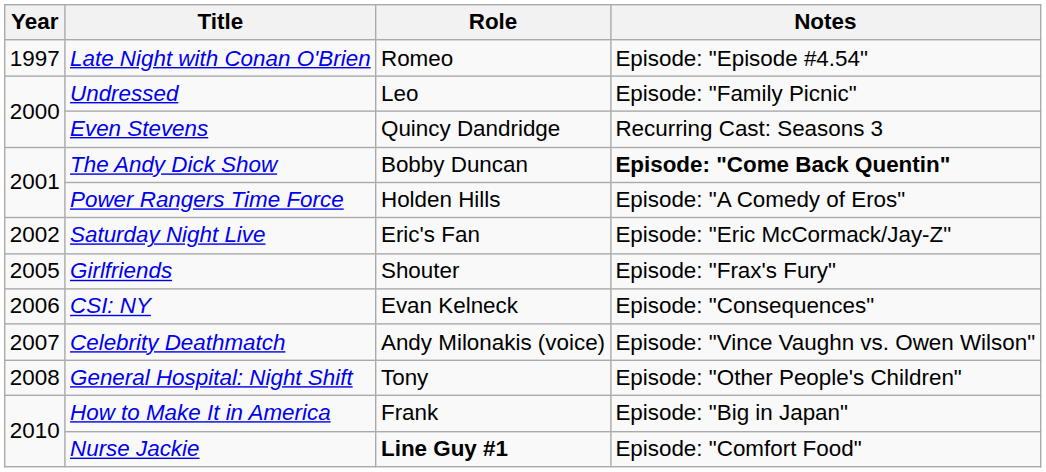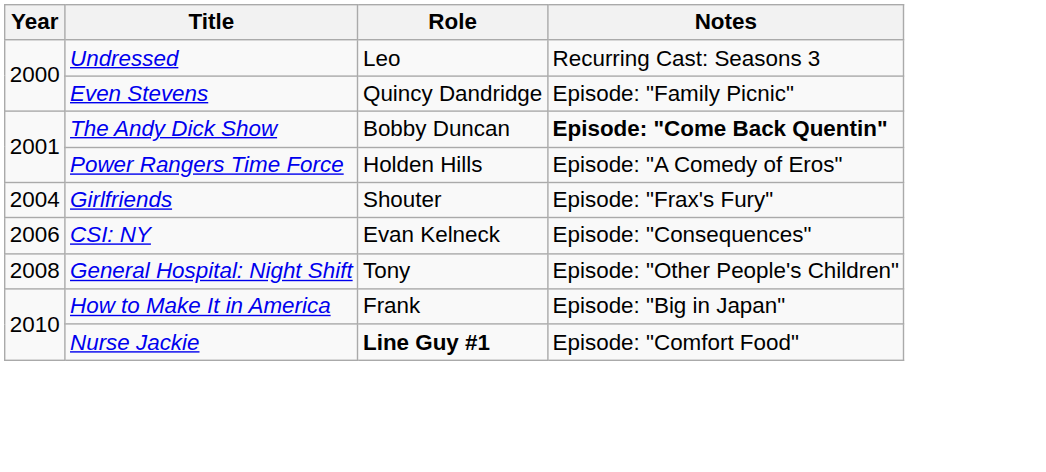 <table class="wikitable plainrowheaders sortable" style="margin–right: 0;">
 <tr>
 <th>Year</th>
 <th>Title</th>
 <th>Role</th>
 <th>Notes</th>
 </tr>
 <tr>
-<td>1997</td>
-<td><em><a href='#'>Late Night with Conan O'Brien</a></em></td>
-<td>Romeo</td>
-<td>Episode: "Episode #4.54"</td>
-</tr>
-<tr>
 <td rowspan=2>2000</td>
 <td><em><a href='#'>Undressed</a></em></td>
 <td>Leo</td>
-<td>Episode: "Family Picnic"</td>
+<td>Recurring Cast: Seasons 3</td>
 </tr>
 <tr>
 <td><em><a href='#'>Even Stevens</a></em></td>
 <td>Quincy Dandridge</td>
-<td>Recurring Cast: Seasons 3</td>
+<td>Episode: "Family Picnic"</td>
 </tr>
 <tr>
 <td rowspan=2>2001</td>
 <td><em><a href='#'>The Andy Dick Show</a></em></td>
 <td>Bobby Duncan</td>
 <td><strong>Episode: "Come Back Quentin"</strong></td>
 </tr>
 <tr>
 <td><em><a href='#'>Power Rangers Time Force</a></em></td>
 <td>Holden Hills</td>
 <td>Episode: "A Comedy of Eros"</td>
 </tr>
 <tr>
-<td>2002</td>
-<td><em><a href='#'>Saturday Night Live</a></em></td>
-<td>Eric's Fan</td>
-<td>Episode: "Eric McCormack/Jay-Z"</td>
-</tr>
-<tr>
-<td>2005</td>
+<td>2004</td>
 <td><em><a href='#'>Girlfriends</a></em></td>
 <td>Shouter</td>
 <td>Episode: "Frax's Fury"</td>
 </tr>
 <tr>
 <td>2006</td>
 <td><em><a href='#'>CSI: NY</a></em></td>
 <td>Evan Kelneck</td>
 <td>Episode: "Consequences"</td>
-</tr>
-<tr>
-<td>2007</td>
-<td><em><a href='#'>Celebrity Deathmatch</a></em></td>
-<td>Andy Milonakis (voice)</td>
-<td>Episode: "Vince Vaughn vs. Owen Wilson"</td>
 </tr>
 <tr>
 <td>2008</td>
 <td><em><a href='#'>General Hospital: Night Shift</a></em></td>
 <td>Tony</td>
 <td>Episode: "Other People's Children"</td>
 </tr>
 <tr>
 <td rowspan=2>2010</td>
 <td><em><a href='#'>How to Make It in America</a></em></td>
 <td>Frank</td>
 <td>Episode: "Big in Japan"</td>
 </tr>
 <tr>
 <td><em><a href='#'>Nurse Jackie</a></em></td>
 <td><strong>Line Guy #1</strong></td>
 <td>Episode: "Comfort Food"</td>
 </tr>
 </table>
